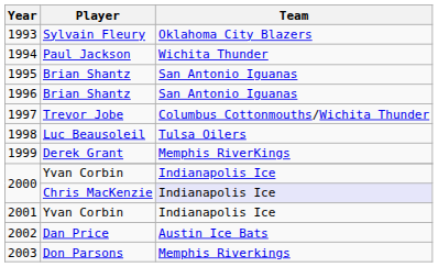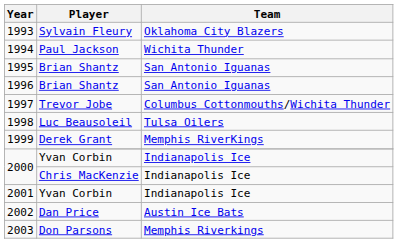 <table class="wikitable">
 <tr>
 <th>Year</th>
 <th>Player</th>
 <th>Team</th>
 </tr>
 <tr>
 <td>1993</td>
 <td><a href='#'>Sylvain Fleury</a></td>
 <td><a href='#'>Oklahoma City Blazers</a></td>
 </tr>
 <tr>
 <td>1994</td>
 <td><a href='#'>Paul Jackson</a></td>
 <td><a href='#'>Wichita Thunder</a></td>
 </tr>
 <tr>
 <td>1995</td>
 <td><a href='#'>Brian Shantz</a></td>
 <td><a href='#'>San Antonio Iguanas</a></td>
 </tr>
 <tr>
 <td>1996</td>
 <td><a href='#'>Brian Shantz</a></td>
 <td><a href='#'>San Antonio Iguanas</a></td>
 </tr>
 <tr>
 <td>1997</td>
 <td><a href='#'>Trevor Jobe</a></td>
 <td><a href='#'>Columbus Cottonmouths</a>/<a href='#'>Wichita Thunder</a></td>
 </tr>
 <tr>
 <td>1998</td>
 <td><a href='#'>Luc Beausoleil</a></td>
 <td><a href='#'>Tulsa Oilers</a></td>
 </tr>
 <tr>
 <td>1999</td>
 <td><a href='#'>Derek Grant</a></td>
 <td><a href='#'>Memphis RiverKings</a></td>
 </tr>
 <tr>
 <td rowspan=3>2000</td>
 </tr>
 <tr>
 <td>Yvan Corbin</td>
 <td><a href='#'>Indianapolis Ice</a></td>
 </tr>
 <tr>
 <td><a href='#'>Chris MacKenzie</a></td>
-<td style="background: lavender;">Indianapolis Ice</td>
+<td>Indianapolis Ice</td>
 </tr>
 <tr>
 <td>2001</td>
 <td>Yvan Corbin</td>
 <td>Indianapolis Ice</td>
 </tr>
 <tr>
 <td>2002</td>
 <td><a href='#'>Dan Price</a></td>
 <td><a href='#'>Austin Ice Bats</a></td>
 </tr>
 <tr>
 <td>2003</td>
 <td><a href='#'>Don Parsons</a></td>
 <td><a href='#'>Memphis Riverkings</a></td>
 </tr>
 </table>
